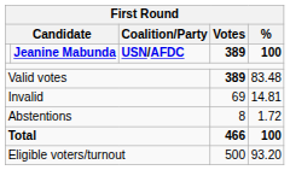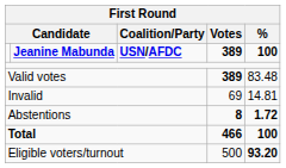 <table class=wikitable style=text-align:right>
 <tr>
 <th colspan="5">First Round</th>
 </tr>
 <tr>
 <th colspan=2>Candidate</th>
 <th>Coalition/Party</th>
 <th>Votes</th>
 <th>%</th>
 </tr>
 <tr>
 <td bgcolor=></td>
 <td align=left><strong><a href='#'>Jeanine Mabunda</a></strong></td>
 <td align=left><strong><a href='#'>USN</a>/<a href='#'>AFDC</a></strong></td>
 <td><strong>389</strong></td>
 <td><strong>100</strong></td>
 </tr>
 <tr>
 <td colspan=12></td>
 </tr>
 <tr>
 <td style="text-align:left;" colspan=3>Valid votes</td>
 <td><strong>389</strong></td>
 <td>83.48</td>
 </tr>
 <tr>
 <td style="text-align:left;" colspan=3>Invalid</td>
 <td>69</td>
 <td>14.81</td>
 </tr>
 <tr>
 <td style="text-align:left;" colspan=3>Abstentions</td>
-<td>8</td>
-<td>1.72</td>
+<td><strong>8</strong></td>
+<td><strong>1.72</strong></td>
 </tr>
 <tr>
 <td style="text-align:left;" colspan=3><strong>Total</strong></td>
 <td><strong>466</strong></td>
 <td><strong>100</strong></td>
 </tr>
 <tr>
 <td style="text-align:left;" colspan=3>Eligible voters/turnout</td>
 <td>500</td>
-<td>93.20</td>
+<td><strong>93.20</strong></td>
 </tr>
 </table>
